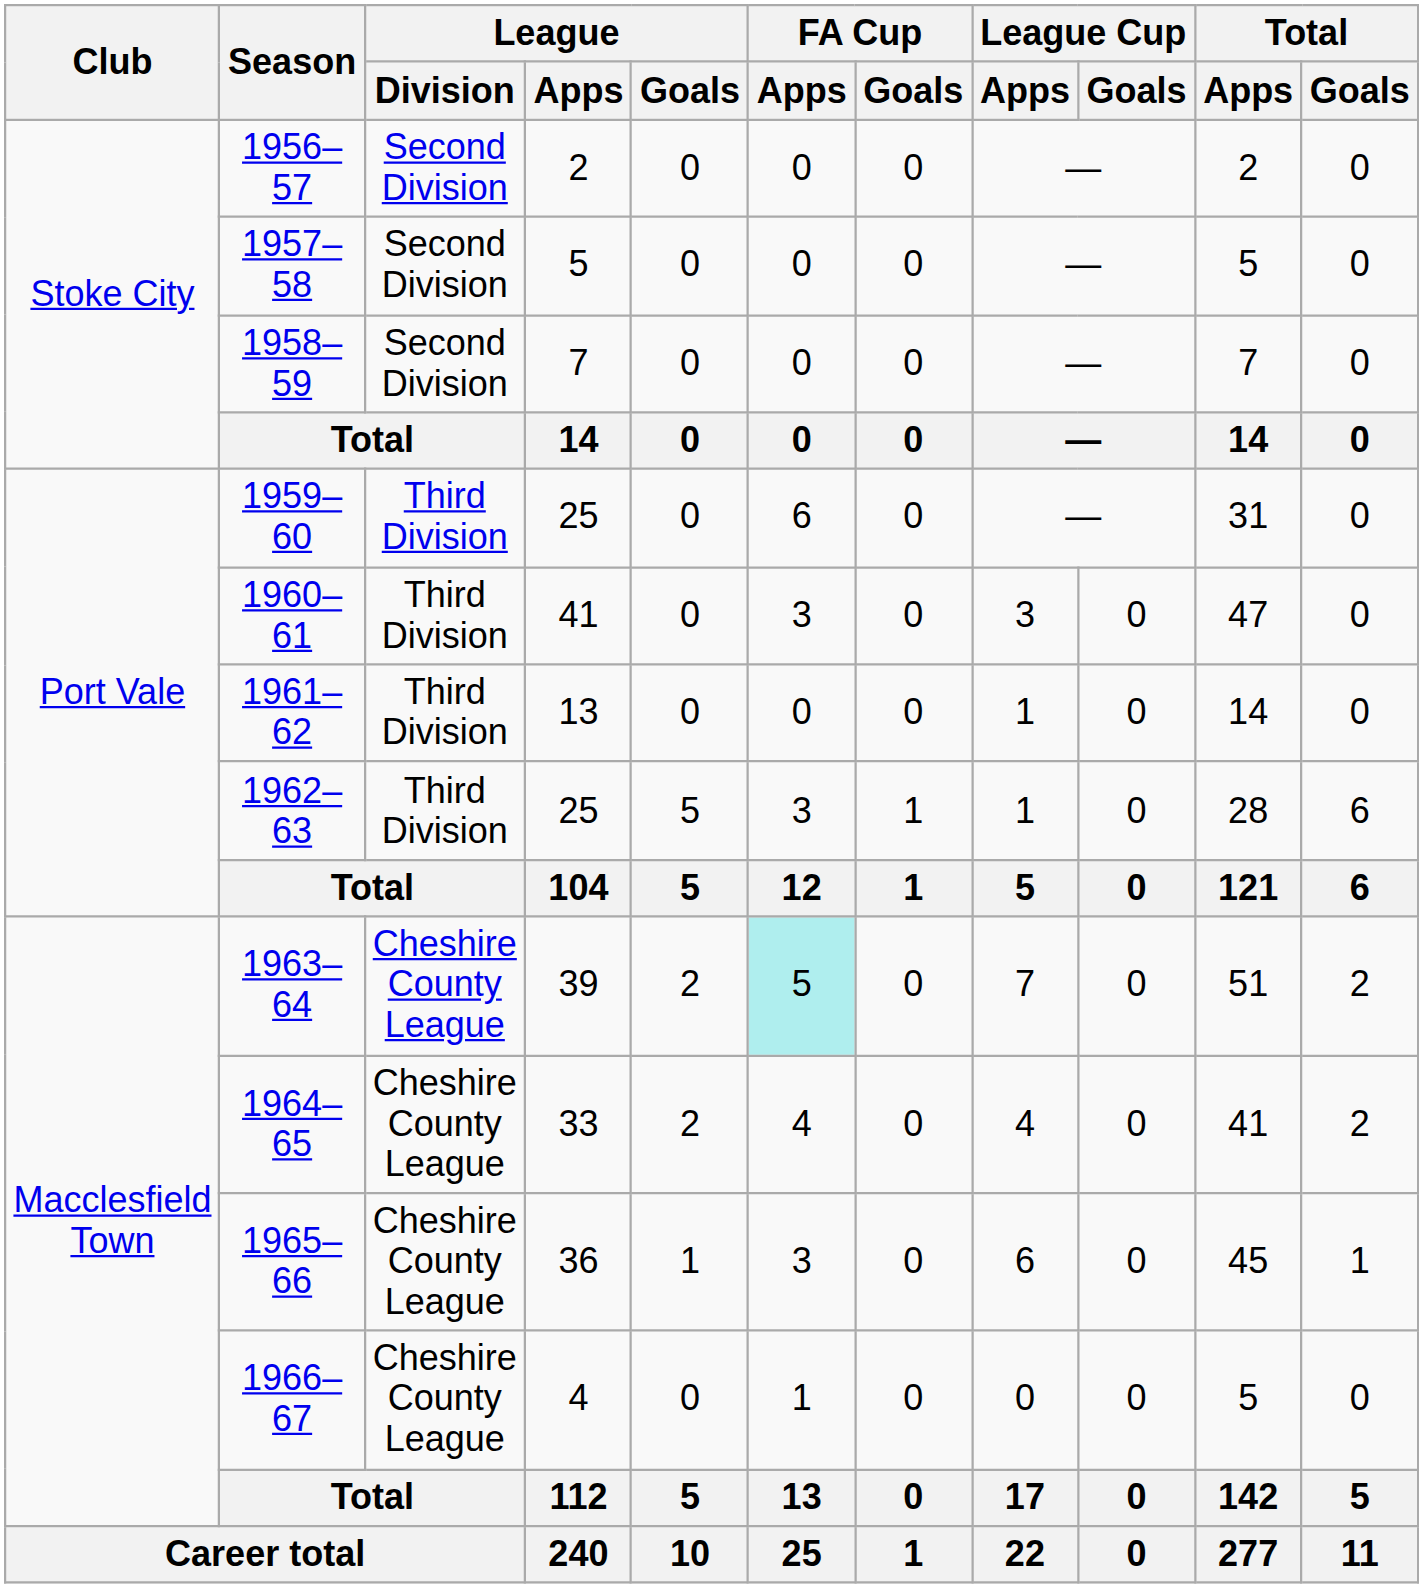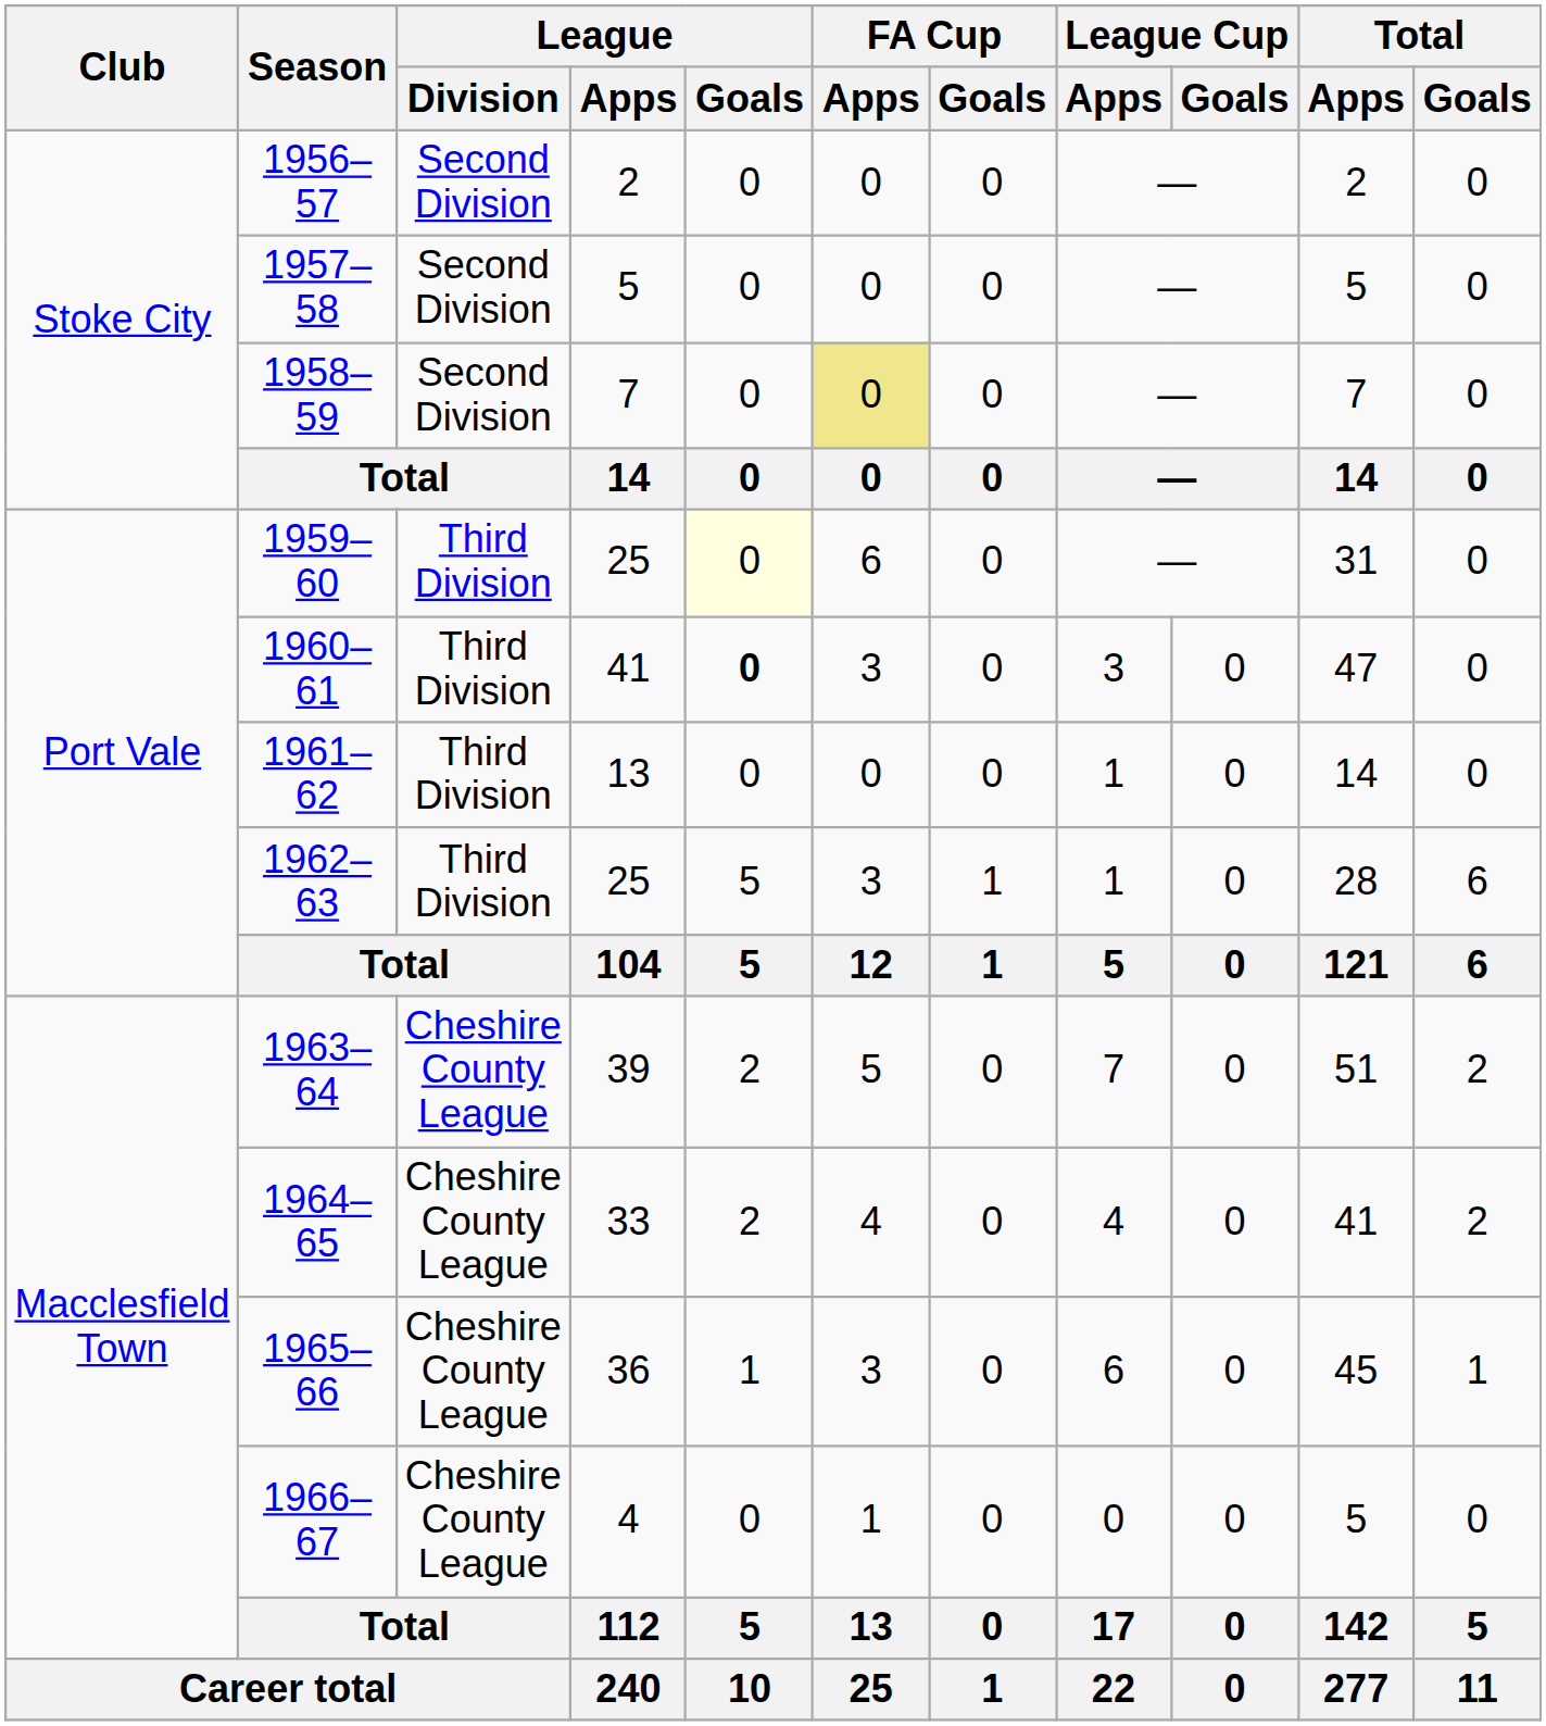 <table class="wikitable" style="text-align: center;">
 <tr>
 <th rowspan="2">Club</th>
 <th rowspan="2">Season</th>
 <th colspan="3">League</th>
 <th colspan="2">FA Cup</th>
 <th colspan="2">League Cup</th>
 <th colspan="2">Total</th>
 </tr>
 <tr>
 <th>Division</th>
 <th>Apps</th>
 <th>Goals</th>
 <th>Apps</th>
 <th>Goals</th>
 <th>Apps</th>
 <th>Goals</th>
 <th>Apps</th>
 <th>Goals</th>
 </tr>
 <tr>
 <td rowspan="4"><a href='#'>Stoke City</a></td>
 <td><a href='#'>1956–57</a></td>
 <td><a href='#'>Second Division</a></td>
 <td>2</td>
 <td>0</td>
 <td>0</td>
 <td>0</td>
 <td colspan="2">—</td>
 <td>2</td>
 <td>0</td>
 </tr>
 <tr>
 <td><a href='#'>1957–58</a></td>
 <td>Second Division</td>
 <td>5</td>
 <td>0</td>
 <td>0</td>
 <td>0</td>
 <td colspan="2">—</td>
 <td>5</td>
 <td>0</td>
 </tr>
 <tr>
 <td><a href='#'>1958–59</a></td>
 <td>Second Division</td>
 <td>7</td>
 <td>0</td>
-<td>0</td>
+<td style="background: khaki;">0</td>
 <td>0</td>
 <td colspan="2">—</td>
 <td>7</td>
 <td>0</td>
 </tr>
 <tr>
 <th colspan="2">Total</th>
 <th>14</th>
 <th>0</th>
 <th>0</th>
 <th>0</th>
 <th colspan="2">—</th>
 <th>14</th>
 <th>0</th>
 </tr>
 <tr>
 <td rowspan="5"><a href='#'>Port Vale</a></td>
 <td><a href='#'>1959–60</a></td>
 <td><a href='#'>Third Division</a></td>
 <td>25</td>
-<td>0</td>
+<td style="background: lightyellow;">0</td>
 <td>6</td>
 <td>0</td>
 <td colspan="2">—</td>
 <td>31</td>
 <td>0</td>
 </tr>
 <tr>
 <td><a href='#'>1960–61</a></td>
 <td>Third Division</td>
 <td>41</td>
-<td>0</td>
+<td><strong>0</strong></td>
 <td>3</td>
 <td>0</td>
 <td>3</td>
 <td>0</td>
 <td>47</td>
 <td>0</td>
 </tr>
 <tr>
 <td><a href='#'>1961–62</a></td>
 <td>Third Division</td>
 <td>13</td>
 <td>0</td>
 <td>0</td>
 <td>0</td>
 <td>1</td>
 <td>0</td>
 <td>14</td>
 <td>0</td>
 </tr>
 <tr>
 <td><a href='#'>1962–63</a></td>
 <td>Third Division</td>
 <td>25</td>
 <td>5</td>
 <td>3</td>
 <td>1</td>
 <td>1</td>
 <td>0</td>
 <td>28</td>
 <td>6</td>
 </tr>
 <tr>
 <th colspan="2">Total</th>
 <th>104</th>
 <th>5</th>
 <th>12</th>
 <th>1</th>
 <th>5</th>
 <th>0</th>
 <th>121</th>
 <th>6</th>
 </tr>
 <tr>
 <td rowspan="5"><a href='#'>Macclesfield Town</a></td>
 <td><a href='#'>1963–64</a></td>
 <td><a href='#'>Cheshire County League</a></td>
 <td>39</td>
 <td>2</td>
-<td style="background: paleturquoise;">5</td>
+<td>5</td>
 <td>0</td>
 <td>7</td>
 <td>0</td>
 <td>51</td>
 <td>2</td>
 </tr>
 <tr>
 <td><a href='#'>1964–65</a></td>
 <td>Cheshire County League</td>
 <td>33</td>
 <td>2</td>
 <td>4</td>
 <td>0</td>
 <td>4</td>
 <td>0</td>
 <td>41</td>
 <td>2</td>
 </tr>
 <tr>
 <td><a href='#'>1965–66</a></td>
 <td>Cheshire County League</td>
 <td>36</td>
 <td>1</td>
 <td>3</td>
 <td>0</td>
 <td>6</td>
 <td>0</td>
 <td>45</td>
 <td>1</td>
 </tr>
 <tr>
 <td><a href='#'>1966–67</a></td>
 <td>Cheshire County League</td>
 <td>4</td>
 <td>0</td>
 <td>1</td>
 <td>0</td>
 <td>0</td>
 <td>0</td>
 <td>5</td>
 <td>0</td>
 </tr>
 <tr>
 <th colspan="2">Total</th>
 <th>112</th>
 <th>5</th>
 <th>13</th>
 <th>0</th>
 <th>17</th>
 <th>0</th>
 <th>142</th>
 <th>5</th>
 </tr>
 <tr>
 <th colspan="3">Career total</th>
 <th>240</th>
 <th>10</th>
 <th>25</th>
 <th>1</th>
 <th>22</th>
 <th>0</th>
 <th>277</th>
 <th>11</th>
 </tr>
 </table>
